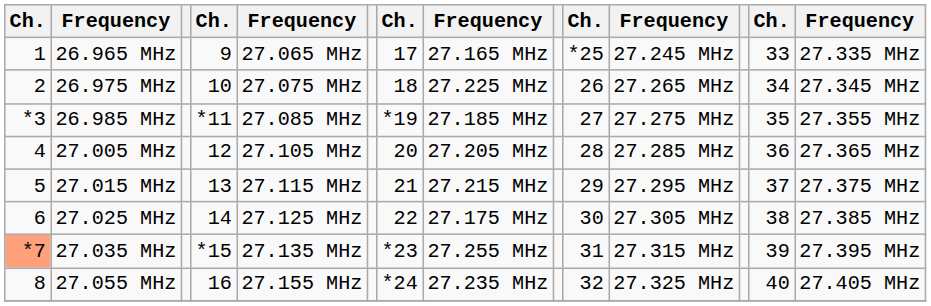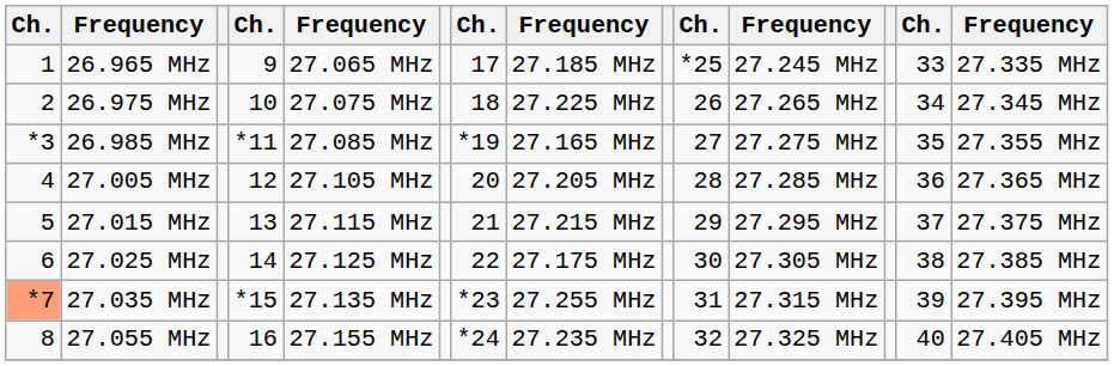 <table class="wikitable" align="center" text-align="right">
 <tr style="text-align:right">
 <th>Ch.</th>
 <th>Frequency</th>
 <th></th>
 <th>Ch.</th>
 <th>Frequency</th>
 <th></th>
 <th>Ch.</th>
 <th>Frequency</th>
 <th></th>
 <th>Ch.</th>
 <th>Frequency</th>
 <th></th>
 <th>Ch.</th>
 <th>Frequency</th>
 </tr>
 <tr style="text-align:right">
 <td>1</td>
 <td>26.965 MHz</td>
 <td></td>
 <td>9</td>
 <td>27.065 MHz</td>
 <td></td>
 <td>17</td>
-<td>27.165 MHz</td>
+<td>27.185 MHz</td>
 <td></td>
 <td>*25</td>
 <td>27.245 MHz</td>
 <td></td>
 <td>33</td>
 <td>27.335 MHz</td>
 </tr>
 <tr style="text-align:right">
 <td>2</td>
 <td>26.975 MHz</td>
 <td></td>
 <td>10</td>
 <td>27.075 MHz</td>
 <td></td>
 <td>18</td>
 <td>27.225 MHz</td>
 <td></td>
 <td>26</td>
 <td>27.265 MHz</td>
 <td></td>
 <td>34</td>
 <td>27.345 MHz</td>
 </tr>
 <tr style="text-align:right">
 <td>*3</td>
 <td>26.985 MHz</td>
 <td></td>
 <td>*11</td>
 <td>27.085 MHz</td>
 <td></td>
 <td>*19</td>
-<td>27.185 MHz</td>
+<td>27.165 MHz</td>
 <td></td>
 <td>27</td>
 <td>27.275 MHz</td>
 <td></td>
 <td>35</td>
 <td>27.355 MHz</td>
 </tr>
 <tr style="text-align:right">
 <td>4</td>
 <td>27.005 MHz</td>
 <td></td>
 <td>12</td>
 <td>27.105 MHz</td>
 <td></td>
 <td>20</td>
 <td>27.205 MHz</td>
 <td></td>
 <td>28</td>
 <td>27.285 MHz</td>
 <td></td>
 <td>36</td>
 <td>27.365 MHz</td>
 </tr>
 <tr style="text-align:right">
 <td>5</td>
 <td>27.015 MHz</td>
 <td></td>
 <td>13</td>
 <td>27.115 MHz</td>
 <td></td>
 <td>21</td>
 <td>27.215 MHz</td>
 <td></td>
 <td>29</td>
 <td>27.295 MHz</td>
 <td></td>
 <td>37</td>
 <td>27.375 MHz</td>
 </tr>
 <tr style="text-align:right">
 <td>6</td>
 <td>27.025 MHz</td>
 <td></td>
 <td>14</td>
 <td>27.125 MHz</td>
 <td></td>
 <td>22</td>
 <td>27.175 MHz</td>
 <td></td>
 <td>30</td>
 <td>27.305 MHz</td>
 <td></td>
 <td>38</td>
 <td>27.385 MHz</td>
 </tr>
 <tr style="text-align:right">
 <td style="background: lightsalmon;">*7</td>
 <td>27.035 MHz</td>
 <td></td>
 <td>*15</td>
 <td>27.135 MHz</td>
 <td></td>
 <td>*23</td>
 <td>27.255 MHz</td>
 <td></td>
 <td>31</td>
 <td>27.315 MHz</td>
 <td></td>
 <td>39</td>
 <td>27.395 MHz</td>
 </tr>
 <tr style="text-align:right">
 <td>8</td>
 <td>27.055 MHz</td>
 <td></td>
 <td>16</td>
 <td>27.155 MHz</td>
 <td></td>
 <td>*24</td>
 <td>27.235 MHz</td>
 <td></td>
 <td>32</td>
 <td>27.325 MHz</td>
 <td></td>
 <td>40</td>
 <td>27.405 MHz</td>
 </tr>
 <tr>
 </tr>
 </table>
